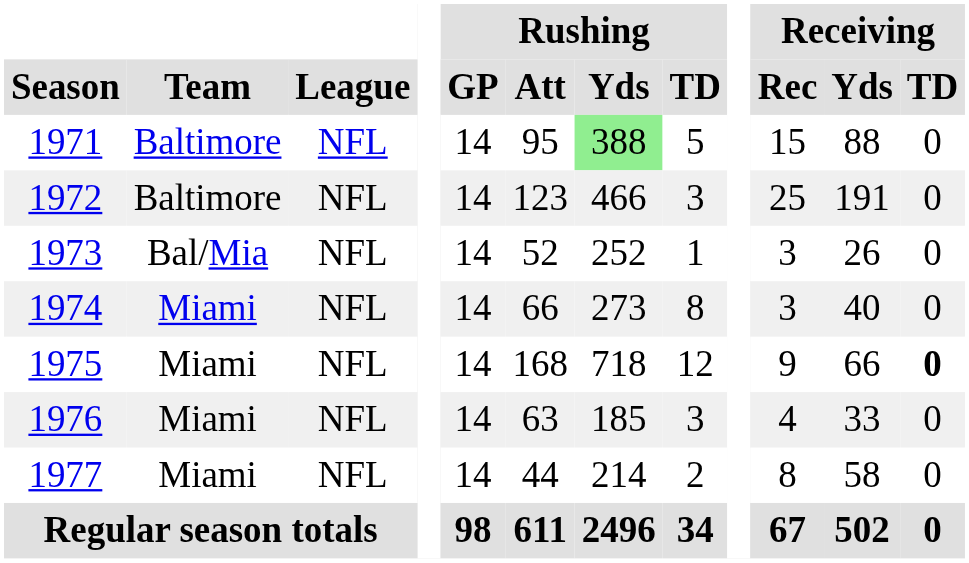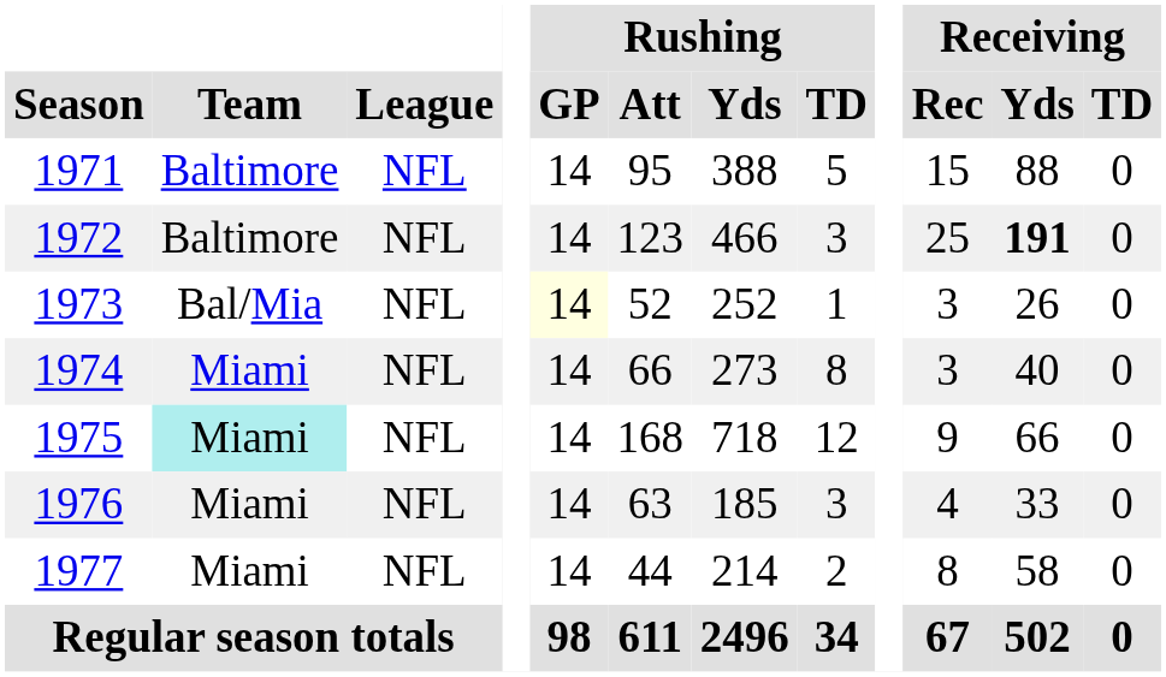 <table BORDER="0" CELLPADDING="3" CELLSPACING="0" ID="Table3">
 <tr ALIGN="center" bgcolor="#e0e0e0">
 <th ALIGN="center" colspan="3" bgcolor="#ffffff"> </th>
 <th ALIGN="center" rowspan="99" bgcolor="#ffffff"> </th>
 <th ALIGN="center" colspan="4">Rushing</th>
 <th ALIGN="center" rowspan="99" bgcolor="#ffffff"> </th>
 <th ALIGN="center" colspan="3">Receiving</th>
 </tr>
 <tr ALIGN="center" bgcolor="#e0e0e0">
 <th ALIGN="center">Season</th>
 <th ALIGN="center">Team</th>
 <th ALIGN="center">League</th>
 <th ALIGN="center">GP</th>
 <th ALIGN="center">Att</th>
 <th ALIGN="center">Yds</th>
 <th ALIGN="center">TD</th>
 <th ALIGN="center">Rec</th>
 <th ALIGN="center">Yds</th>
 <th ALIGN="center">TD</th>
 </tr>
 <tr ALIGN="center">
 <td ALIGN="center"><a href='#'>1971</a></td>
 <td ALIGN="center"><a href='#'>Baltimore</a></td>
 <td ALIGN="center"><a href='#'>NFL</a></td>
 <td ALIGN="center">14</td>
 <td ALIGN="center">95</td>
-<td ALIGN="center" style="background: lightgreen;">388</td>
+<td ALIGN="center">388</td>
 <td ALIGN="center">5</td>
 <td ALIGN="center">15</td>
 <td ALIGN="center">88</td>
 <td ALIGN="center">0</td>
 </tr>
 <tr ALIGN="center" bgcolor="#f0f0f0">
 <td ALIGN="center"><a href='#'>1972</a></td>
 <td ALIGN="center">Baltimore</td>
 <td ALIGN="center">NFL</td>
 <td ALIGN="center">14</td>
 <td ALIGN="center">123</td>
 <td ALIGN="center">466</td>
 <td ALIGN="center">3</td>
 <td ALIGN="center">25</td>
-<td ALIGN="center">191</td>
+<td ALIGN="center"><strong>191</strong></td>
 <td ALIGN="center">0</td>
 </tr>
 <tr ALIGN="center">
 <td ALIGN="center"><a href='#'>1973</a></td>
 <td ALIGN="center">Bal/<a href='#'>Mia</a></td>
 <td ALIGN="center">NFL</td>
-<td ALIGN="center">14</td>
+<td ALIGN="center" style="background: lightyellow;">14</td>
 <td ALIGN="center">52</td>
 <td ALIGN="center">252</td>
 <td ALIGN="center">1</td>
 <td ALIGN="center">3</td>
 <td ALIGN="center">26</td>
 <td ALIGN="center">0</td>
 </tr>
 <tr ALIGN="center" bgcolor="#f0f0f0">
 <td ALIGN="center"><a href='#'>1974</a></td>
 <td ALIGN="center"><a href='#'>Miami</a></td>
 <td ALIGN="center">NFL</td>
 <td ALIGN="center">14</td>
 <td ALIGN="center">66</td>
 <td ALIGN="center">273</td>
 <td ALIGN="center">8</td>
 <td ALIGN="center">3</td>
 <td ALIGN="center">40</td>
 <td ALIGN="center">0</td>
 </tr>
 <tr ALIGN="center">
 <td ALIGN="center"><a href='#'>1975</a></td>
-<td ALIGN="center">Miami</td>
+<td ALIGN="center" style="background: paleturquoise;">Miami</td>
 <td ALIGN="center">NFL</td>
 <td ALIGN="center">14</td>
 <td ALIGN="center">168</td>
 <td ALIGN="center">718</td>
 <td ALIGN="center">12</td>
 <td ALIGN="center">9</td>
 <td ALIGN="center">66</td>
-<td ALIGN="center"><strong>0</strong></td>
+<td ALIGN="center">0</td>
 </tr>
 <tr ALIGN="center" bgcolor="#f0f0f0">
 <td ALIGN="center"><a href='#'>1976</a></td>
 <td ALIGN="center">Miami</td>
 <td ALIGN="center">NFL</td>
 <td ALIGN="center">14</td>
 <td ALIGN="center">63</td>
 <td ALIGN="center">185</td>
 <td ALIGN="center">3</td>
 <td ALIGN="center">4</td>
 <td ALIGN="center">33</td>
 <td ALIGN="center">0</td>
 </tr>
 <tr ALIGN="center">
 <td ALIGN="center"><a href='#'>1977</a></td>
 <td ALIGN="center">Miami</td>
 <td ALIGN="center">NFL</td>
 <td ALIGN="center">14</td>
 <td ALIGN="center">44</td>
 <td ALIGN="center">214</td>
 <td ALIGN="center">2</td>
 <td ALIGN="center">8</td>
 <td ALIGN="center">58</td>
 <td ALIGN="center">0</td>
 </tr>
 <tr ALIGN="center" bgcolor="#e0e0e0">
 <th colspan="3">Regular season totals</th>
 <th ALIGN="center">98</th>
 <th ALIGN="center">611</th>
 <th ALIGN="center">2496</th>
 <th ALIGN="center">34</th>
 <th ALIGN="center">67</th>
 <th ALIGN="center">502</th>
 <th ALIGN="center">0</th>
 </tr>
 </table>
